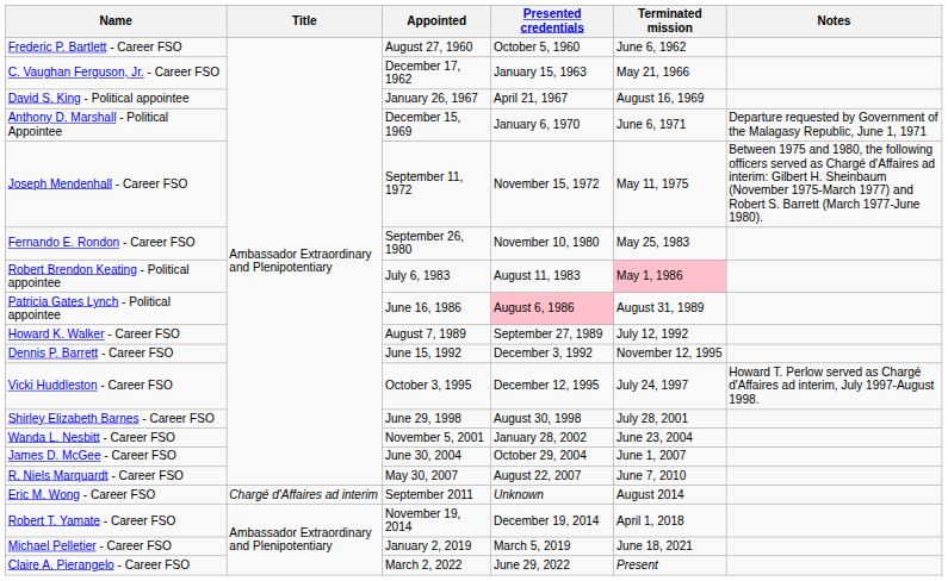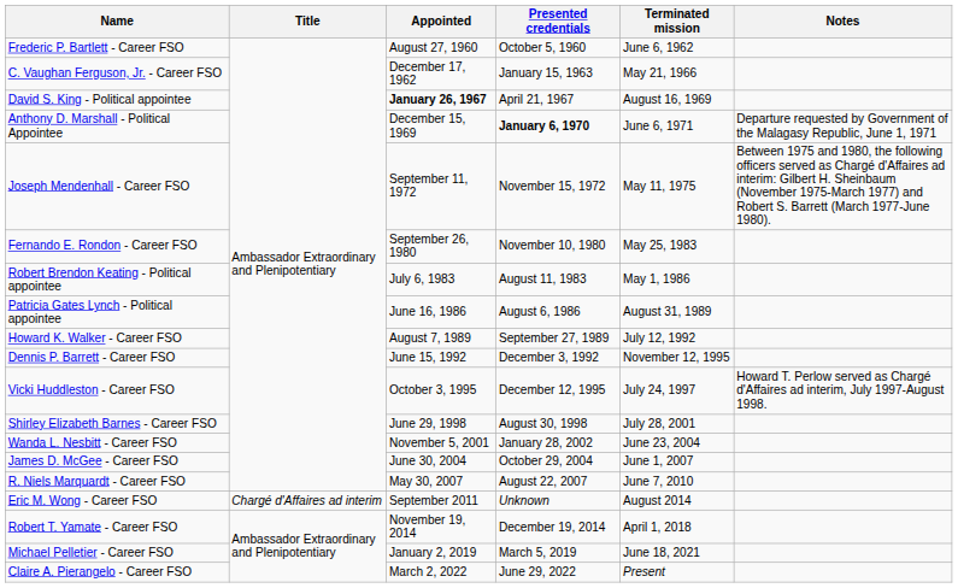 <table class="wikitable">
 <tr>
 <th>Name</th>
 <th style="width: 200px;">Title</th>
 <th>Appointed</th>
 <th><a href='#'>Presented credentials</a></th>
 <th>Terminated mission</th>
 <th style="width: 280px;">Notes</th>
 </tr>
 <tr>
 <td><a href='#'>Frederic P. Bartlett</a> - Career FSO</td>
 <td rowspan="15">Ambassador Extraordinary and Plenipotentiary</td>
 <td>August 27, 1960</td>
 <td>October 5, 1960</td>
 <td>June 6, 1962</td>
 <td></td>
 </tr>
 <tr>
 <td><a href='#'>C. Vaughan Ferguson, Jr.</a> - Career FSO</td>
 <td>December 17, 1962</td>
 <td>January 15, 1963</td>
 <td>May 21, 1966</td>
 <td></td>
 </tr>
 <tr>
 <td><a href='#'>David S. King</a> - Political appointee</td>
-<td>January 26, 1967</td>
+<td><strong>January 26, 1967</strong></td>
 <td>April 21, 1967</td>
 <td>August 16, 1969</td>
 <td></td>
 </tr>
 <tr>
 <td><a href='#'>Anthony D. Marshall</a> - Political Appointee</td>
 <td>December 15, 1969</td>
-<td>January 6, 1970</td>
+<td><strong>January 6, 1970</strong></td>
 <td>June 6, 1971</td>
 <td>Departure requested by Government of the Malagasy Republic, June 1, 1971</td>
 </tr>
 <tr>
 <td><a href='#'>Joseph Mendenhall</a> - Career FSO</td>
 <td>September 11, 1972</td>
 <td>November 15, 1972</td>
 <td>May 11, 1975</td>
 <td>Between 1975 and 1980, the following officers served as Chargé d'Affaires ad interim: Gilbert H. Sheinbaum (November 1975-March 1977) and Robert S. Barrett (March 1977-June 1980).</td>
 </tr>
 <tr>
 <td><a href='#'>Fernando E. Rondon</a> - Career FSO</td>
 <td>September 26, 1980</td>
 <td>November 10, 1980</td>
 <td>May 25, 1983</td>
 <td></td>
 </tr>
 <tr>
 <td><a href='#'>Robert Brendon Keating</a> - Political appointee</td>
 <td>July 6, 1983</td>
 <td>August 11, 1983</td>
-<td style="background: pink;">May 1, 1986</td>
+<td>May 1, 1986</td>
 <td></td>
 </tr>
 <tr>
 <td><a href='#'>Patricia Gates Lynch</a> - Political appointee</td>
 <td>June 16, 1986</td>
-<td style="background: pink;">August 6, 1986</td>
+<td>August 6, 1986</td>
 <td>August 31, 1989</td>
 <td></td>
 </tr>
 <tr>
 <td><a href='#'>Howard K. Walker</a> - Career FSO</td>
 <td>August 7, 1989</td>
 <td>September 27, 1989</td>
 <td>July 12, 1992</td>
 <td></td>
 </tr>
 <tr>
 <td><a href='#'>Dennis P. Barrett</a> - Career FSO</td>
 <td>June 15, 1992</td>
 <td>December 3, 1992</td>
 <td>November 12, 1995</td>
 <td></td>
 </tr>
 <tr>
 <td><a href='#'>Vicki Huddleston</a> - Career FSO</td>
 <td>October 3, 1995</td>
 <td>December 12, 1995</td>
 <td>July 24, 1997</td>
 <td>Howard T. Perlow served as Chargé d'Affaires ad interim, July 1997-August 1998.</td>
 </tr>
 <tr>
 <td><a href='#'>Shirley Elizabeth Barnes</a> - Career FSO</td>
 <td>June 29, 1998</td>
 <td>August 30, 1998</td>
 <td>July 28, 2001</td>
 <td></td>
 </tr>
 <tr>
 <td><a href='#'>Wanda L. Nesbitt</a> - Career FSO</td>
 <td>November 5, 2001</td>
 <td>January 28, 2002</td>
 <td>June 23, 2004</td>
 <td></td>
 </tr>
 <tr>
 <td><a href='#'>James D. McGee</a> - Career FSO</td>
 <td>June 30, 2004</td>
 <td>October 29, 2004</td>
 <td>June 1, 2007</td>
 <td></td>
 </tr>
 <tr>
 <td><a href='#'>R. Niels Marquardt</a> - Career FSO</td>
 <td>May 30, 2007</td>
 <td>August 22, 2007</td>
 <td>June 7, 2010</td>
 <td></td>
 </tr>
 <tr>
 <td><a href='#'>Eric M. Wong</a> - Career FSO</td>
 <td><em>Chargé d'Affaires ad interim</em></td>
 <td>September 2011</td>
 <td><em>Unknown</em></td>
 <td>August 2014</td>
 <td></td>
 </tr>
 <tr>
 <td><a href='#'>Robert T. Yamate</a> - Career FSO</td>
 <td rowspan="3">Ambassador Extraordinary and Plenipotentiary</td>
 <td>November 19, 2014</td>
 <td>December 19, 2014</td>
 <td>April 1, 2018</td>
 <td></td>
 </tr>
 <tr>
 <td><a href='#'>Michael Pelletier</a> - Career FSO</td>
 <td>January 2, 2019</td>
 <td>March 5, 2019</td>
 <td>June 18, 2021</td>
 <td></td>
 </tr>
 <tr>
 <td><a href='#'>Claire A. Pierangelo</a> - Career FSO</td>
 <td>March 2, 2022</td>
 <td>June 29, 2022</td>
 <td><em>Present</em></td>
 <td></td>
 </tr>
 </table>
